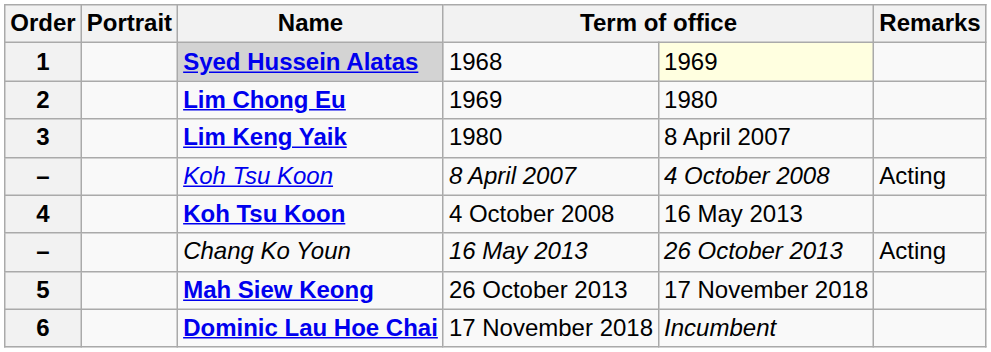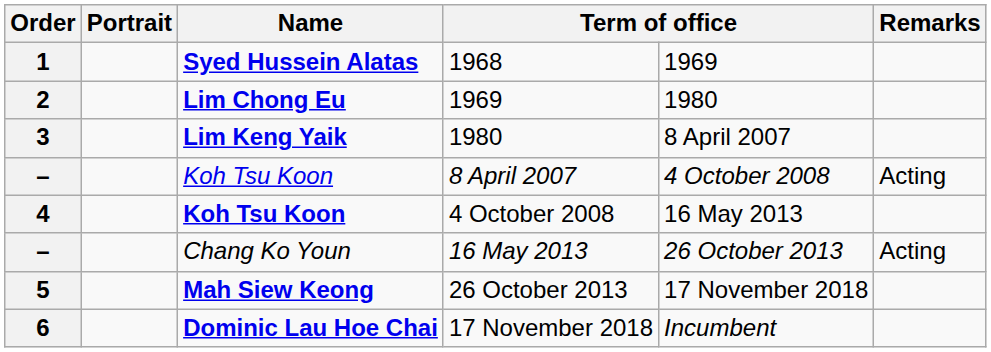 <table class="wikitable">
 <tr>
 <th>Order</th>
 <th>Portrait</th>
 <th>Name</th>
 <th colspan="2">Term of office</th>
 <th>Remarks</th>
 </tr>
 <tr>
 <th>1</th>
 <td></td>
-<td style="background: lightgrey;"><strong><a href='#'>Syed Hussein Alatas</a></strong></td>
+<td><strong><a href='#'>Syed Hussein Alatas</a></strong></td>
 <td>1968</td>
-<td style="background: lightyellow;">1969</td>
+<td>1969</td>
 <td></td>
 </tr>
 <tr>
 <th>2</th>
 <td></td>
 <td><strong><a href='#'>Lim Chong Eu</a></strong></td>
 <td>1969</td>
 <td>1980</td>
 <td></td>
 </tr>
 <tr>
 <th>3</th>
 <td></td>
 <td><strong><a href='#'>Lim Keng Yaik</a></strong></td>
 <td>1980</td>
 <td>8 April 2007</td>
 <td></td>
 </tr>
 <tr>
 <th>–</th>
 <td></td>
 <td><em><a href='#'>Koh Tsu Koon</a></em></td>
 <td><em>8 April 2007</em></td>
 <td><em>4 October 2008</em></td>
 <td>Acting</td>
 </tr>
 <tr>
 <th>4</th>
 <td></td>
 <td><strong><a href='#'>Koh Tsu Koon</a></strong></td>
 <td>4 October 2008</td>
 <td>16 May 2013</td>
 <td></td>
 </tr>
 <tr>
 <th>–</th>
 <td></td>
 <td><em>Chang Ko Youn</em></td>
 <td><em>16 May 2013</em></td>
 <td><em>26 October 2013</em></td>
 <td>Acting</td>
 </tr>
 <tr>
 <th>5</th>
 <td></td>
 <td><strong><a href='#'>Mah Siew Keong</a></strong></td>
 <td>26 October 2013</td>
 <td>17 November 2018</td>
 <td></td>
 </tr>
 <tr>
 <th>6</th>
 <td></td>
 <td><strong><a href='#'>Dominic Lau Hoe Chai</a></strong></td>
 <td>17 November 2018</td>
 <td><em>Incumbent</em></td>
 <td></td>
 </tr>
 </table>
